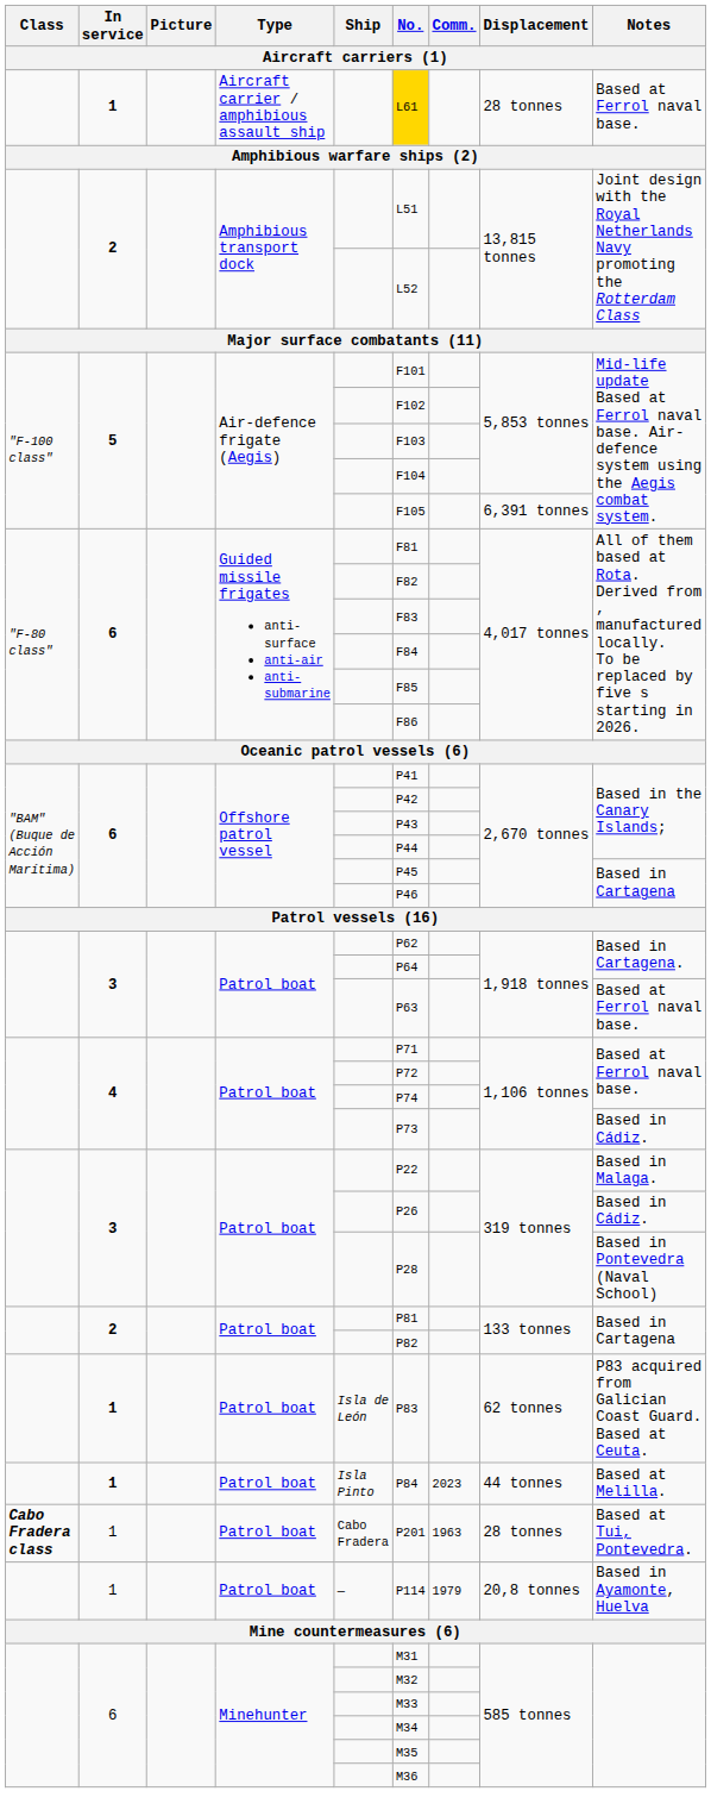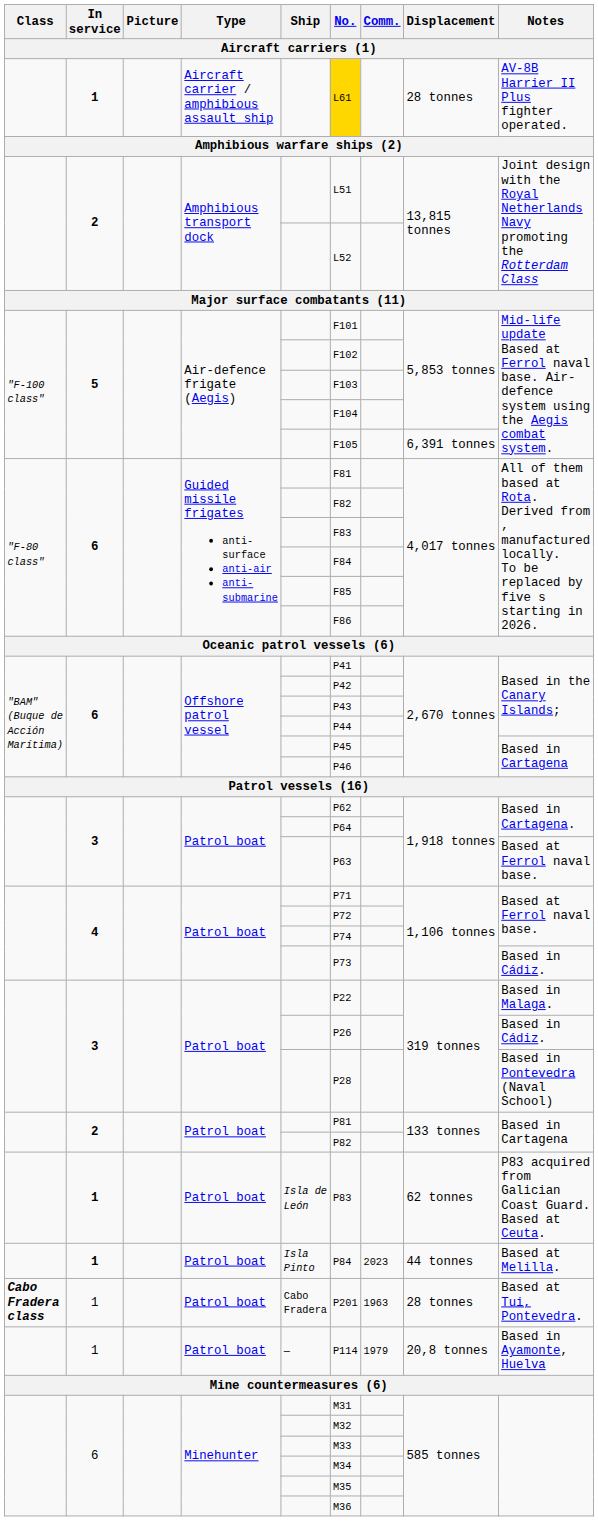 <table class="wikitable">
 <tr>
 <th>Class</th>
 <th>In service</th>
 <th>Picture</th>
 <th>Type</th>
 <th>Ship</th>
 <th><a href='#'>No.</a></th>
 <th><a href='#'>Comm.</a></th>
 <th>Displacement</th>
 <th>Notes</th>
 </tr>
 <tr>
 <th colspan="9">Aircraft carriers (1)</th>
 </tr>
 <tr>
 <td><strong></strong></td>
 <td style="text-align: center;"><strong>1</strong></td>
 <td></td>
 <td><a href='#'>Aircraft carrier</a> /<br><a href='#'>amphibious assault ship</a></td>
 <td><small></small></td>
 <td style="background: gold;"><small>L61</small></td>
 <td><small></small></td>
 <td>28 tonnes</td>
-<td>Based at <a href='#'>Ferrol</a> naval base.</td>
+<td><a href='#'>AV-8B Harrier II Plus</a> fighter operated.</td>
 </tr>
 <tr>
 <th colspan="9">Amphibious warfare ships (2)</th>
 </tr>
 <tr>
 <td rowspan="2"><strong></strong></td>
 <td rowspan="2" style="text-align: center;"><strong>2</strong></td>
 <td rowspan="2"></td>
 <td rowspan="2"><a href='#'>Amphibious transport dock</a></td>
 <td><small></small></td>
 <td><small>L51</small></td>
 <td><small></small></td>
 <td rowspan="2">13,815 tonnes</td>
 <td rowspan="2">Joint design with the <a href='#'>Royal Netherlands Navy</a> promoting the <a href='#'><em>Rotterdam Class</em></a></td>
 </tr>
 <tr>
 <td><small></small></td>
 <td><small>L52</small></td>
 <td><small></small></td>
 </tr>
 <tr>
 <th colspan="9">Major surface combatants (11)</th>
 </tr>
 <tr>
 <td rowspan="5"><strong></strong><br><small><em>"F-100 class"</em></small></td>
 <td rowspan="5" style="text-align: center;"><strong>5</strong></td>
 <td rowspan="5"></td>
 <td rowspan="5">Air-defence frigate<br>(<a href='#'>Aegis</a>)</td>
 <td><small></small></td>
 <td><small>F101</small></td>
 <td><small></small></td>
 <td rowspan="4">5,853 tonnes</td>
 <td rowspan="5"><a href='#'>Mid-life update</a><br>Based at <a href='#'>Ferrol</a> naval base. Air-defence system using the <a href='#'>Aegis combat system</a>.</td>
 </tr>
 <tr>
 <td><small></small></td>
 <td><small>F102</small></td>
 <td><small></small></td>
 </tr>
 <tr>
 <td><small></small></td>
 <td><small>F103</small></td>
 <td><small></small></td>
 </tr>
 <tr>
 <td><small></small></td>
 <td><small>F104</small></td>
 <td><small></small></td>
 </tr>
 <tr>
 <td><small></small></td>
 <td><small>F105</small></td>
 <td><small></small></td>
 <td>6,391 tonnes</td>
 </tr>
 <tr>
 <td rowspan="6"><strong></strong><br><small><em>"F-80 class"</em></small></td>
 <td rowspan="6" style="text-align: center;"><strong>6</strong></td>
 <td rowspan="6"></td>
 <td rowspan="6"><a href='#'>Guided missile frigates</a><br><ul><li><small>anti-surface</small></li><li><a href='#'><small>anti-air</small></a></li><li><a href='#'><small>anti-submarine</small></a></li></ul></td>
 <td><small></small></td>
 <td><small>F81</small></td>
 <td><small></small></td>
 <td rowspan="6">4,017 tonnes</td>
 <td rowspan="6">All of them based at <a href='#'>Rota</a>.<br>Derived from , manufactured locally.<br>To be replaced by five s starting in 2026.</td>
 </tr>
 <tr>
 <td><small></small></td>
 <td><small>F82</small></td>
 <td><small></small></td>
 </tr>
 <tr>
 <td><small></small></td>
 <td><small>F83</small></td>
 <td><small></small></td>
 </tr>
 <tr>
 <td><small></small></td>
 <td><small>F84</small></td>
 <td><small></small></td>
 </tr>
 <tr>
 <td><small></small></td>
 <td><small>F85</small></td>
 <td><small></small></td>
 </tr>
 <tr>
 <td><small></small></td>
 <td><small>F86</small></td>
 <td><small></small></td>
 </tr>
 <tr>
 <th colspan="9">Oceanic patrol vessels (6)</th>
 </tr>
 <tr>
 <td rowspan="6"><strong></strong><br><em><small>"BAM" (Buque de Acción Marítima)</small></em></td>
 <td rowspan="6" style="text-align: center;"><strong>6</strong></td>
 <td rowspan="6"></td>
 <td rowspan="6"><a href='#'>Offshore patrol vessel</a></td>
 <td><small></small></td>
 <td><small>P41</small></td>
 <td><small></small></td>
 <td rowspan="6">2,670 tonnes</td>
 <td rowspan="4">Based in the <a href='#'>Canary Islands</a>;</td>
 </tr>
 <tr>
 <td><small></small></td>
 <td><small>P42</small></td>
 <td><small></small></td>
 </tr>
 <tr>
 <td><small></small></td>
 <td><small>P43</small></td>
 <td><small></small></td>
 </tr>
 <tr>
 <td><small></small></td>
 <td><small>P44</small></td>
 <td><small></small></td>
 </tr>
 <tr>
 <td><small></small></td>
 <td><small>P45</small></td>
 <td><small></small></td>
 <td rowspan="2">Based in <a href='#'>Cartagena</a></td>
 </tr>
 <tr>
 <td><small></small></td>
 <td><small>P46</small></td>
 <td><small></small></td>
 </tr>
 <tr>
 <th colspan="9">Patrol vessels (16)</th>
 </tr>
 <tr>
 <td rowspan="3"><strong><em></em></strong></td>
 <td rowspan="3" style="text-align: center;"><strong>3</strong></td>
 <td rowspan="3"></td>
 <td rowspan="3"><a href='#'>Patrol boat</a></td>
 <td><em><small></small></em></td>
 <td><small>P62</small></td>
 <td><small></small></td>
 <td rowspan="3">1,918 tonnes</td>
 <td rowspan="2">Based in <a href='#'>Cartagena</a>.</td>
 </tr>
 <tr>
 <td><em><small></small></em></td>
 <td><small>P64</small></td>
 <td><small></small></td>
 </tr>
 <tr>
 <td><a href='#'><em><small></small></em></a><em><small></small></em></td>
 <td><small>P63</small></td>
 <td><small></small></td>
 <td>Based at <a href='#'>Ferrol</a> naval base.</td>
 </tr>
 <tr>
 <td rowspan="4"><strong></strong></td>
 <td rowspan="4" style="text-align: center;"><strong>4</strong></td>
 <td rowspan="4"></td>
 <td rowspan="4"><a href='#'>Patrol boat</a></td>
 <td><small></small></td>
 <td><small>P71</small></td>
 <td><small></small></td>
 <td rowspan="4">1,106 tonnes</td>
 <td rowspan="3">Based at <a href='#'>Ferrol</a> naval base.<br></td>
 </tr>
 <tr>
 <td><small></small></td>
 <td><small>P72</small></td>
 <td><small></small></td>
 </tr>
 <tr>
 <td><small></small></td>
 <td><small>P74</small></td>
 <td><small></small></td>
 </tr>
 <tr>
 <td><small></small></td>
 <td><small>P73</small></td>
 <td><small></small></td>
 <td>Based in <a href='#'>Cádiz</a>.</td>
 </tr>
 <tr>
 <td rowspan="3"><strong><em></em></strong></td>
 <td rowspan="3" style="text-align: center;"><strong>3</strong></td>
 <td rowspan="3"></td>
 <td rowspan="3"><a href='#'>Patrol boat</a></td>
 <td><em><small></small></em></td>
 <td><small>P22</small></td>
 <td><small></small></td>
 <td rowspan="3">319 tonnes</td>
 <td>Based in <a href='#'>Malaga</a>.</td>
 </tr>
 <tr>
 <td><em><small></small></em></td>
 <td><small>P26</small></td>
 <td><small></small></td>
 <td>Based in <a href='#'>Cádiz</a>.</td>
 </tr>
 <tr>
 <td><em><small></small></em></td>
 <td><small>P28</small></td>
 <td><small></small></td>
 <td>Based in <a href='#'>Pontevedra</a> (Naval School)</td>
 </tr>
 <tr>
 <td rowspan="2"><strong><em></em></strong></td>
 <td rowspan="2" style="text-align: center;"><strong>2</strong></td>
 <td rowspan="2"></td>
 <td rowspan="2"><a href='#'>Patrol boat</a></td>
 <td><em><small></small></em></td>
 <td><small>P81</small></td>
 <td><small></small></td>
 <td rowspan="2">133 tonnes</td>
 <td rowspan="2">Based in Cartagena</td>
 </tr>
 <tr>
 <td><em><small></small></em></td>
 <td><small>P82</small></td>
 <td><small></small></td>
 </tr>
 <tr>
 <td><strong><em></em></strong></td>
 <td style="text-align: center;"><strong>1</strong></td>
 <td style="text-align: center;"></td>
 <td><a href='#'>Patrol boat</a></td>
 <td><em><small>Isla de León</small></em></td>
 <td><small>P83</small></td>
 <td><small></small></td>
 <td>62 tonnes</td>
 <td>P83 acquired from Galician Coast Guard.<br>Based at <a href='#'>Ceuta</a>.</td>
 </tr>
 <tr>
 <td><strong><em></em></strong></td>
 <td style="text-align: center;"><strong>1</strong></td>
 <td></td>
 <td><a href='#'>Patrol boat</a></td>
 <td><em><small>Isla Pinto</small></em></td>
 <td><small>P84</small></td>
 <td><small>2023</small></td>
 <td>44 tonnes</td>
 <td>Based at <a href='#'>Melilla</a>.</td>
 </tr>
 <tr>
 <td><strong><em>Cabo Fradera<em> class<strong></td>
 <td style="text-align: center;"></strong>1<strong></td>
 <td style="text-align: center;"></td>
 <td><a href='#'>Patrol boat</a></td>
 <td></em><small>Cabo Fradera</small><em></td>
 <td><small>P201</small></td>
 <td><small>1963</small></td>
 <td>28 tonnes</td>
 <td>Based at <a href='#'>Tui, Pontevedra</a>.</td>
 </tr>
 <tr>
 <td></em></strong><strong><em></td>
 <td style="text-align: center;"></strong>1<strong></td>
 <td></td>
 <td><a href='#'>Patrol boat</a></td>
 <td><small>—</small></td>
 <td><small>P114</small></td>
 <td><small>1979</small></td>
 <td>20,8 tonnes</td>
 <td>Based in <a href='#'>Ayamonte</a>, <a href='#'>Huelva</a></td>
 </tr>
 <tr>
 <th colspan="9">Mine countermeasures (6)</th>
 </tr>
 <tr>
 <td rowspan="6"></em></strong><strong><em></td>
 <td rowspan="6" style="text-align: center;"></strong>6<strong></td>
 <td rowspan="6"></td>
 <td rowspan="6"><a href='#'>Minehunter</a></td>
 <td></em><small></small><em></td>
 <td><small>M31</small></td>
 <td><small></small></td>
 <td rowspan="6">585 tonnes</td>
 <td rowspan="6"></td>
 </tr>
 <tr>
 <td></em><small></small><em></td>
 <td><small>M32</small></td>
 <td><small></small></td>
 </tr>
 <tr>
 <td></em><small></small><em></td>
 <td><small>M33</small></td>
 <td><small></small></td>
 </tr>
 <tr>
 <td></em><small></small><em></td>
 <td><small>M34</small></td>
 <td><small></small></td>
 </tr>
 <tr>
 <td></em><small></small><em></td>
 <td><small>M35</small></td>
 <td><small></small></td>
 </tr>
 <tr>
 <td></em><small></small><em></td>
 <td><small>M36</small></td>
 <td><small></small></td>
 </tr>
 </table>
